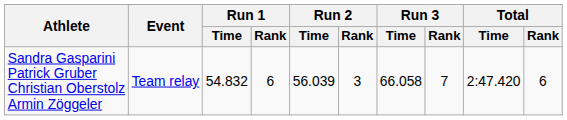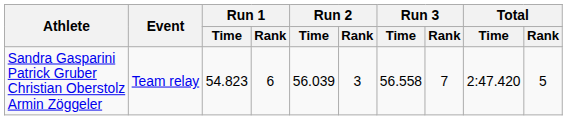 <table class="wikitable" style="font-size:90%">
 <tr>
 <th rowspan="2">Athlete</th>
 <th rowspan="2">Event</th>
 <th colspan=2>Run 1</th>
 <th colspan=2>Run 2</th>
 <th colspan=2>Run 3</th>
 <th colspan=2>Total</th>
 </tr>
 <tr style="font-size:95%">
 <th>Time</th>
 <th>Rank</th>
 <th>Time</th>
 <th>Rank</th>
 <th>Time</th>
 <th>Rank</th>
 <th>Time</th>
 <th>Rank</th>
 </tr>
 <tr align=center>
 <td align=left><a href='#'>Sandra Gasparini</a><br><a href='#'>Patrick Gruber</a><br><a href='#'>Christian Oberstolz</a><br><a href='#'>Armin Zöggeler</a></td>
 <td align=left><a href='#'>Team relay</a></td>
-<td>54.832</td>
+<td>54.823</td>
 <td>6</td>
 <td>56.039</td>
 <td>3</td>
-<td>66.058</td>
+<td>56.558</td>
 <td>7</td>
 <td>2:47.420</td>
-<td>6</td>
+<td>5</td>
 </tr>
 </table>
